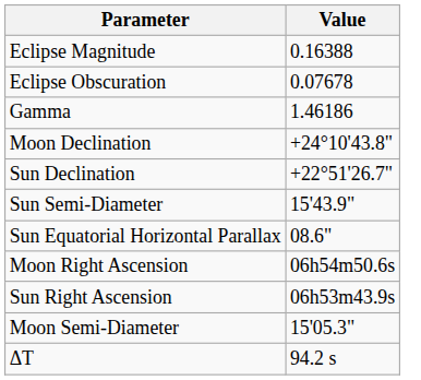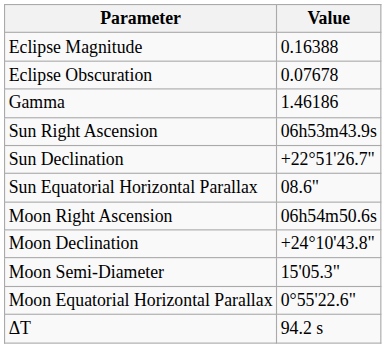 <table class="wikitable">
 <tr>
 <th>Parameter</th>
 <th>Value</th>
 </tr>
 <tr>
 <td>Eclipse Magnitude</td>
 <td>0.16388</td>
 </tr>
 <tr>
 <td>Eclipse Obscuration</td>
 <td>0.07678</td>
 </tr>
 <tr>
 <td>Gamma</td>
 <td>1.46186</td>
 </tr>
 <tr>
-<td>Moon Declination</td>
-<td>+24°10'43.8"</td>
+<td>Sun Right Ascension</td>
+<td>06h53m43.9s</td>
 </tr>
 <tr>
 <td>Sun Declination</td>
 <td>+22°51'26.7"</td>
-</tr>
-<tr>
-<td>Sun Semi-Diameter</td>
-<td>15'43.9"</td>
 </tr>
 <tr>
 <td>Sun Equatorial Horizontal Parallax</td>
 <td>08.6"</td>
 </tr>
 <tr>
 <td>Moon Right Ascension</td>
 <td>06h54m50.6s</td>
 </tr>
 <tr>
-<td>Sun Right Ascension</td>
-<td>06h53m43.9s</td>
+<td>Moon Declination</td>
+<td>+24°10'43.8"</td>
 </tr>
 <tr>
 <td>Moon Semi-Diameter</td>
 <td>15'05.3"</td>
 </tr>
 <tr>
+<td>Moon Equatorial Horizontal Parallax</td>
+<td>0°55'22.6"</td>
+</tr>
+<tr>
 <td>ΔT</td>
 <td>94.2 s</td>
 </tr>
 </table>
